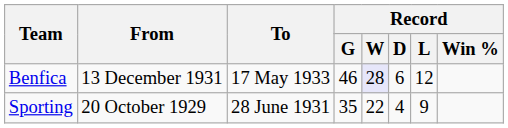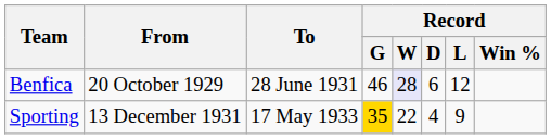 <table class="wikitable" style="text-align: center">
 <tr>
 <th rowspan="2">Team</th>
 <th rowspan="2">From</th>
 <th rowspan="2">To</th>
 <th colspan="8">Record</th>
 </tr>
 <tr>
 <th>G</th>
 <th>W</th>
 <th>D</th>
 <th>L</th>
 <th>Win %</th>
 </tr>
 <tr>
 <td align="left"><a href='#'>Benfica</a></td>
-<td align="left">13 December 1931</td>
-<td align="left">17 May 1933</td>
+<td align="left">20 October 1929</td>
+<td align="left">28 June 1931</td>
 <td>46</td>
 <td style="background: lavender;">28</td>
 <td>6</td>
 <td>12</td>
 <td></td>
 </tr>
 <tr>
 <td align="left"><a href='#'>Sporting</a></td>
-<td align="left">20 October 1929</td>
-<td align="left">28 June 1931</td>
-<td>35</td>
+<td align="left">13 December 1931</td>
+<td align="left">17 May 1933</td>
+<td style="background: gold;">35</td>
 <td>22</td>
 <td>4</td>
 <td>9</td>
 <td></td>
 </tr>
 </table>
